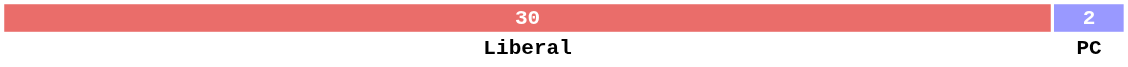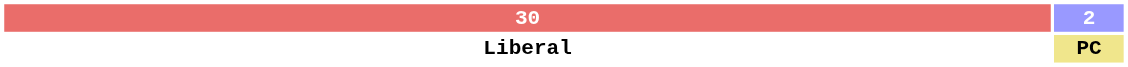 <table style="width:55%; text-align:center;">
 <tr style="color:white;">
 <td style="background:#EA6D6A; width:93.75%;"><strong>30</strong></td>
 <td style="background:#9999FF; width:6.25%;"><strong>2</strong></td>
 </tr>
 <tr>
 <td><span><strong>Liberal</strong></span></td>
-<td><span><strong>PC</strong></span></td>
+<td style="background: khaki;"><span><strong>PC</strong></span></td>
 </tr>
 </table>
